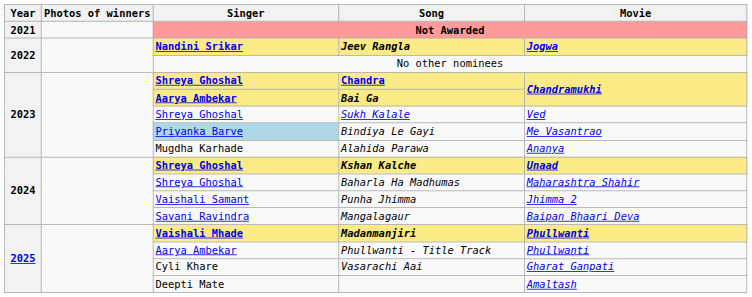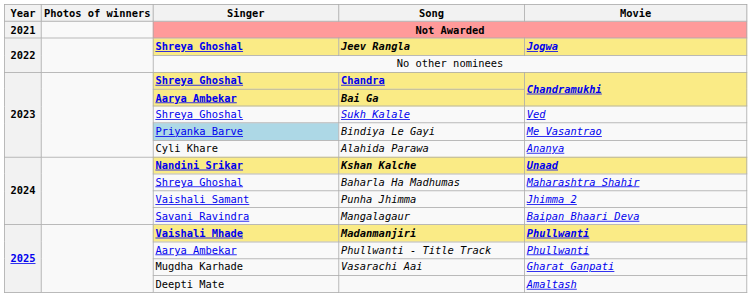 <table class="wikitable" style="width:;">
 <tr style="background:#bebebe;">
 <th width="5%">Year</th>
 <th width="15%">Photos of winners</th>
 <th width="25%">Singer</th>
 <th width="25%">Song</th>
 <th width="30%">Movie</th>
 </tr>
 <tr>
 <th rowspan="1" style="text-align:center"><strong>2021</strong></th>
 <td rowspan="1"></td>
 <td colspan="3" rowspan="1" bgcolor="#ff9a9a" style="text-align:center"><strong>Not Awarded</strong></td>
 </tr>
 <tr>
 <th rowspan="2" style="text-align:center"><strong>2022</strong></th>
 <td rowspan="2"></td>
-<td style="background:#FAEB86;"><strong><a href='#'>Nandini Srikar</a></strong></td>
+<td style="background:#FAEB86;"><strong><a href='#'>Shreya Ghoshal</a></strong></td>
 <td style="background:#FAEB86;"><strong><em>Jeev Rangla</em></strong></td>
 <td style="background:#FAEB86;"><strong><em><a href='#'>Jogwa</a></em></strong></td>
 </tr>
 <tr>
 <td colspan="3" style="text-align:center">No other nominees</td>
 </tr>
 <tr>
 <th rowspan="5" style="text-align:center"><strong>2023</strong></th>
 <td rowspan="5"> </td>
 <td style="background:#FAEB86;"><strong><a href='#'>Shreya Ghoshal</a></strong></td>
 <td style="background:#FAEB86;"><strong><a href='#'>Chandra</a></strong></td>
 <td style="background:#FAEB86;" rowspan="2"><strong><em><a href='#'>Chandramukhi</a></em></strong></td>
 </tr>
 <tr>
 <td style="background:#FAEB86;"><strong><a href='#'>Aarya Ambekar</a></strong></td>
 <td style="background:#FAEB86;"><strong><em>Bai Ga</em></strong></td>
 </tr>
 <tr>
 <td><a href='#'>Shreya Ghoshal</a></td>
 <td><em><a href='#'>Sukh Kalale</a></em></td>
 <td><em><a href='#'>Ved</a></em></td>
 </tr>
 <tr>
 <td style="background: lightblue;"><a href='#'>Priyanka Barve</a></td>
 <td><em>Bindiya Le Gayi</em></td>
 <td><em><a href='#'>Me Vasantrao</a></em></td>
 </tr>
 <tr>
-<td>Mugdha Karhade</td>
+<td>Cyli Khare</td>
 <td><em>Alahida Parawa</em></td>
 <td><em><a href='#'>Ananya</a></em></td>
 </tr>
 <tr>
 <th rowspan="4" style="text-align:center"><strong>2024</strong></th>
 <td rowspan="4"></td>
-<td style="background:#FAEB86;"><strong><a href='#'>Shreya Ghoshal</a></strong></td>
+<td style="background:#FAEB86;"><strong><a href='#'>Nandini Srikar</a></strong></td>
 <td style="background:#FAEB86;"><strong><em>Kshan Kalche</em></strong></td>
 <td style="background:#FAEB86;"><strong><em><a href='#'>Unaad</a></em></strong></td>
 </tr>
 <tr>
 <td><a href='#'>Shreya Ghoshal</a></td>
 <td><em>Baharla Ha Madhumas</em></td>
 <td><em><a href='#'>Maharashtra Shahir</a></em></td>
 </tr>
 <tr>
 <td><a href='#'>Vaishali Samant</a></td>
 <td><em>Punha Jhimma</em></td>
 <td><em><a href='#'>Jhimma 2</a></em></td>
 </tr>
 <tr>
 <td><a href='#'>Savani Ravindra</a></td>
 <td><em>Mangalagaur</em></td>
 <td><em><a href='#'>Baipan Bhaari Deva</a></em></td>
 </tr>
 <tr>
 <th rowspan="4" style="text-align:center"><strong><a href='#'>2025</a></strong></th>
 <td rowspan="4"></td>
 <td style="background:#FAEB86;"><strong><a href='#'>Vaishali Mhade</a></strong></td>
 <td style="background:#FAEB86;"><strong><em>Madanmanjiri</em></strong></td>
 <td style="background:#FAEB86;"><strong><em><a href='#'>Phullwanti</a></em></strong></td>
 </tr>
 <tr>
 <td><a href='#'>Aarya Ambekar</a></td>
 <td><em>Phullwanti - Title Track</em></td>
 <td><em><a href='#'>Phullwanti</a></em></td>
 </tr>
 <tr>
-<td>Cyli Khare</td>
+<td>Mugdha Karhade</td>
 <td><em>Vasarachi Aai</em></td>
 <td><em><a href='#'>Gharat Ganpati</a></em></td>
 </tr>
 <tr>
 <td>Deepti Mate</td>
 <td></td>
 <td><em><a href='#'>Amaltash</a></em></td>
 </tr>
 </table>
